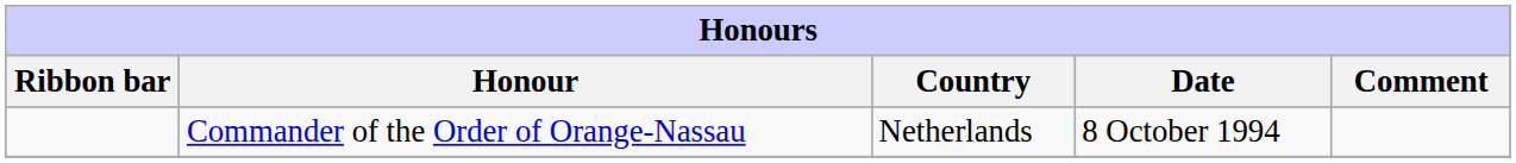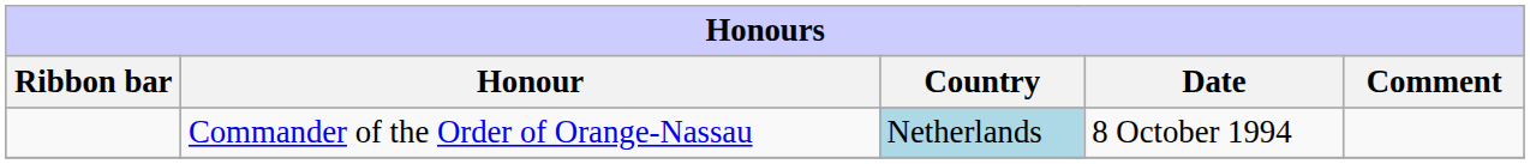 <table class="wikitable" style="width:60%;">
 <tr style="background:#ccf; text-align:center;">
 <td colspan=5><strong>Honours</strong></td>
 </tr>
 <tr>
 <th style="width:80px;">Ribbon bar</th>
 <th>Honour</th>
 <th>Country</th>
 <th>Date</th>
 <th>Comment</th>
 </tr>
 <tr>
 <td></td>
 <td><a href='#'>Commander</a> of the <a href='#'>Order of Orange-Nassau</a></td>
-<td>Netherlands</td>
+<td style="background: lightblue;">Netherlands</td>
 <td>8 October 1994</td>
 <td></td>
 </tr>
 <tr>
 </tr>
 </table>
